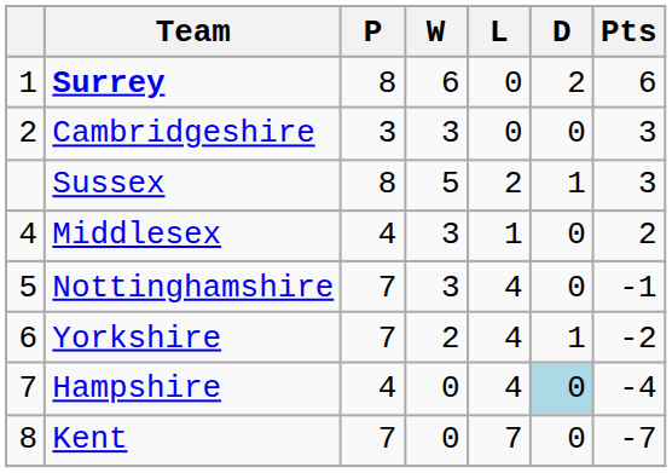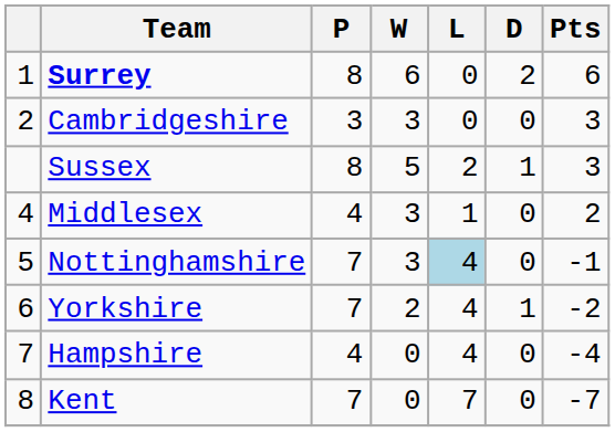 <table class="wikitable" style="text-align:right;">
 <tr bgcolor="#efefef">
 <th width=10></th>
 <th width=100>Team</th>
 <th width=20>P</th>
 <th width=20>W</th>
 <th width=20>L</th>
 <th width=20>D</th>
 <th>Pts</th>
 </tr>
 <tr>
 <td>1</td>
 <td style="text-align:left;"><strong><a href='#'>Surrey</a></strong></td>
 <td>8</td>
 <td>6</td>
 <td>0</td>
 <td>2</td>
 <td>6</td>
 </tr>
 <tr>
 <td>2</td>
 <td style="text-align:left;"><a href='#'>Cambridgeshire</a></td>
 <td>3</td>
 <td>3</td>
 <td>0</td>
 <td>0</td>
 <td>3</td>
 </tr>
 <tr>
 <td></td>
 <td style="text-align:left;"><a href='#'>Sussex</a></td>
 <td>8</td>
 <td>5</td>
 <td>2</td>
 <td>1</td>
 <td>3</td>
 </tr>
 <tr>
 <td>4</td>
 <td style="text-align:left;"><a href='#'>Middlesex</a></td>
 <td>4</td>
 <td>3</td>
 <td>1</td>
 <td>0</td>
 <td>2</td>
 </tr>
 <tr>
 <td>5</td>
 <td style="text-align:left;"><a href='#'>Nottinghamshire</a></td>
 <td>7</td>
 <td>3</td>
-<td>4</td>
+<td style="background: lightblue;">4</td>
 <td>0</td>
 <td>-1</td>
 </tr>
 <tr>
 <td>6</td>
 <td style="text-align:left;"><a href='#'>Yorkshire</a></td>
 <td>7</td>
 <td>2</td>
 <td>4</td>
 <td>1</td>
 <td>-2</td>
 </tr>
 <tr>
 <td>7</td>
 <td style="text-align:left;"><a href='#'>Hampshire</a></td>
 <td>4</td>
 <td>0</td>
 <td>4</td>
-<td style="background: lightblue;">0</td>
+<td>0</td>
 <td>-4</td>
 </tr>
 <tr>
 <td>8</td>
 <td style="text-align:left;"><a href='#'>Kent</a></td>
 <td>7</td>
 <td>0</td>
 <td>7</td>
 <td>0</td>
 <td>-7</td>
 </tr>
 <tr>
 </tr>
 </table>
